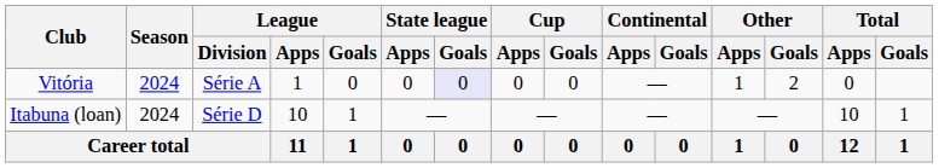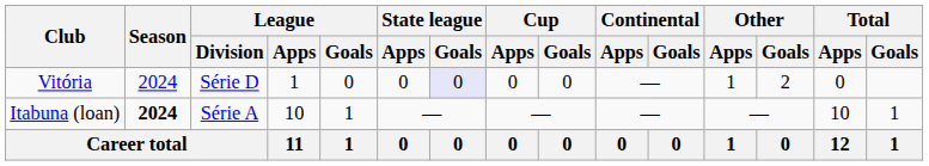 <table class="wikitable" style="text-align: center;">
 <tr>
 <th rowspan="2">Club</th>
 <th rowspan="2">Season</th>
 <th colspan="3">League</th>
 <th colspan="2">State league</th>
 <th colspan="2">Cup</th>
 <th colspan="2">Continental</th>
 <th colspan="2">Other</th>
 <th colspan="2">Total</th>
 </tr>
 <tr>
 <th>Division</th>
 <th>Apps</th>
 <th>Goals</th>
 <th>Apps</th>
 <th>Goals</th>
 <th>Apps</th>
 <th>Goals</th>
 <th>Apps</th>
 <th>Goals</th>
 <th>Apps</th>
 <th>Goals</th>
 <th>Apps</th>
 <th>Goals</th>
 </tr>
 <tr>
 <td valign="center"><a href='#'>Vitória</a></td>
 <td><a href='#'>2024</a></td>
-<td><a href='#'>Série A</a></td>
+<td><a href='#'>Série D</a></td>
 <td>1</td>
 <td>0</td>
 <td>0</td>
 <td style="background: lavender;">0</td>
 <td>0</td>
 <td>0</td>
 <td colspan="2">—</td>
 <td>1</td>
 <td>2</td>
 <td>0</td>
 </tr>
 <tr>
 <td valign="center"><a href='#'>Itabuna</a> (loan)</td>
-<td>2024</td>
-<td><a href='#'>Série D</a></td>
+<td><strong>2024</strong></td>
+<td><a href='#'>Série A</a></td>
 <td>10</td>
 <td>1</td>
 <td colspan="2">—</td>
 <td colspan="2">—</td>
 <td colspan="2">—</td>
 <td colspan="2">—</td>
 <td>10</td>
 <td>1</td>
 </tr>
 <tr>
 <th colspan="3"><strong>Career total</strong></th>
 <th>11</th>
 <th>1</th>
 <th>0</th>
 <th>0</th>
 <th>0</th>
 <th>0</th>
 <th>0</th>
 <th>0</th>
 <th>1</th>
 <th>0</th>
 <th>12</th>
 <th>1</th>
 </tr>
 </table>
